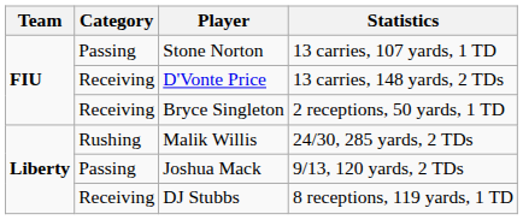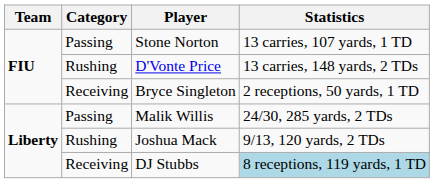 <table class="wikitable" style="float: left;">
 <tr>
 <th>Team</th>
 <th>Category</th>
 <th>Player</th>
 <th>Statistics</th>
 </tr>
 <tr>
 <td rowspan=3><strong>FIU</strong></td>
 <td>Passing</td>
 <td>Stone Norton</td>
 <td>13 carries, 107 yards, 1 TD</td>
 </tr>
 <tr>
-<td>Receiving</td>
+<td>Rushing</td>
 <td><a href='#'>D'Vonte Price</a></td>
 <td>13 carries, 148 yards, 2 TDs</td>
 </tr>
 <tr>
 <td>Receiving</td>
 <td>Bryce Singleton</td>
 <td>2 receptions, 50 yards, 1 TD</td>
 </tr>
 <tr>
 <td rowspan=3><strong>Liberty</strong></td>
-<td>Rushing</td>
+<td>Passing</td>
 <td>Malik Willis</td>
 <td>24/30, 285 yards, 2 TDs</td>
 </tr>
 <tr>
-<td>Passing</td>
+<td>Rushing</td>
 <td>Joshua Mack</td>
 <td>9/13, 120 yards, 2 TDs</td>
 </tr>
 <tr>
 <td>Receiving</td>
 <td>DJ Stubbs</td>
-<td>8 receptions, 119 yards, 1 TD</td>
+<td style="background: lightblue;">8 receptions, 119 yards, 1 TD</td>
 </tr>
 </table>
